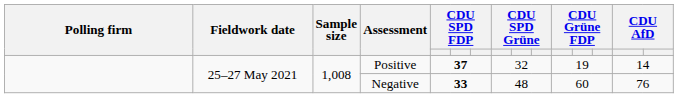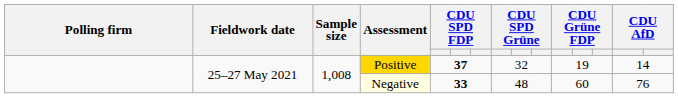 <table class="wikitable sortable" style="text-align:center;font-size:90%;line-height:14px;">
 <tr style="height:40px;">
 <th style="width:200px;" rowspan="2">Polling firm</th>
 <th style="width:125px;" rowspan="2">Fieldwork date</th>
 <th style="width:35px;" rowspan="2">Sample<br>size</th>
 <th style="width:35px;" rowspan="2">Assessment</th>
 <th class="unsortable" style="width:60px;" colspan="3"><a href='#'>CDU</a><br><a href='#'>SPD</a><br><a href='#'>FDP</a></th>
 <th class="unsortable" style="width:60px;" colspan="3"><a href='#'>CDU</a><br><a href='#'>SPD</a><br><a href='#'>Grüne</a></th>
 <th class="unsortable" style="width:60px;" colspan="3"><a href='#'>CDU</a><br><a href='#'>Grüne</a><br><a href='#'>FDP</a></th>
 <th class="unsortable" style="width:60px;" colspan="2"><a href='#'>CDU</a><br><a href='#'>AfD</a></th>
 </tr>
 <tr>
 <th style="background:"></th>
 <th style="background:"></th>
 <th style="background:"></th>
 <th style="background:"></th>
 <th style="background:"></th>
 <th style="background:"></th>
 <th style="background:"></th>
 <th style="background:"></th>
 <th style="background:"></th>
 <th style="background:"></th>
 <th style="background:"></th>
 </tr>
 <tr>
 <td rowspan=2></td>
 <td rowspan=2 data-sort-value="2021-05-28">25–27 May 2021</td>
 <td rowspan=2>1,008</td>
-<td>Positive</td>
+<td style="background: gold;">Positive</td>
 <td colspan=3 ><strong>37</strong></td>
 <td colspan=3>32</td>
 <td colspan=3>19</td>
 <td colspan=2>14</td>
 </tr>
 <tr>
-<td>Negative</td>
+<td style="background: lightyellow;">Negative</td>
 <td colspan=3 ><strong>33</strong></td>
 <td colspan=3>48</td>
 <td colspan=3>60</td>
 <td colspan=2>76</td>
 </tr>
 </table>
